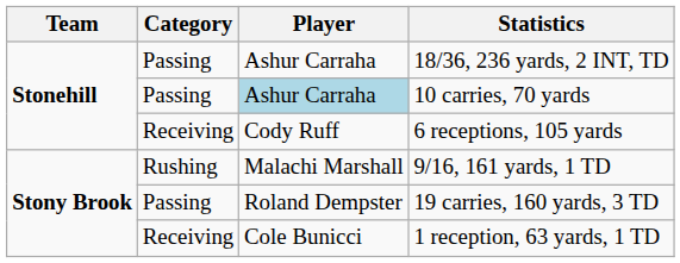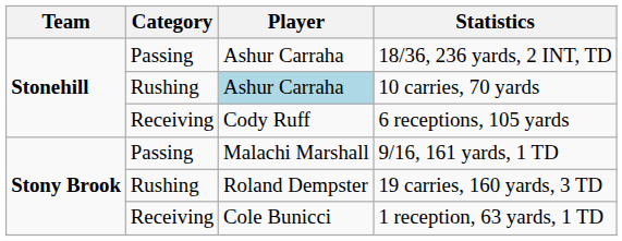 <table class="wikitable" style="float: right;">
 <tr>
 <th>Team</th>
 <th>Category</th>
 <th>Player</th>
 <th>Statistics</th>
 </tr>
 <tr>
 <td rowspan=3><strong>Stonehill</strong></td>
 <td>Passing</td>
 <td>Ashur Carraha</td>
 <td>18/36, 236 yards, 2 INT, TD</td>
 </tr>
 <tr>
-<td>Passing</td>
+<td>Rushing</td>
 <td style="background: lightblue;">Ashur Carraha</td>
 <td>10 carries, 70 yards</td>
 </tr>
 <tr>
 <td>Receiving</td>
 <td>Cody Ruff</td>
 <td>6 receptions, 105 yards</td>
 </tr>
 <tr>
 <td rowspan=3><strong>Stony Brook</strong></td>
-<td>Rushing</td>
+<td>Passing</td>
 <td>Malachi Marshall</td>
 <td>9/16, 161 yards, 1 TD</td>
 </tr>
 <tr>
-<td>Passing</td>
+<td>Rushing</td>
 <td>Roland Dempster</td>
 <td>19 carries, 160 yards, 3 TD</td>
 </tr>
 <tr>
 <td>Receiving</td>
 <td>Cole Bunicci</td>
 <td>1 reception, 63 yards, 1 TD</td>
 </tr>
 </table>
